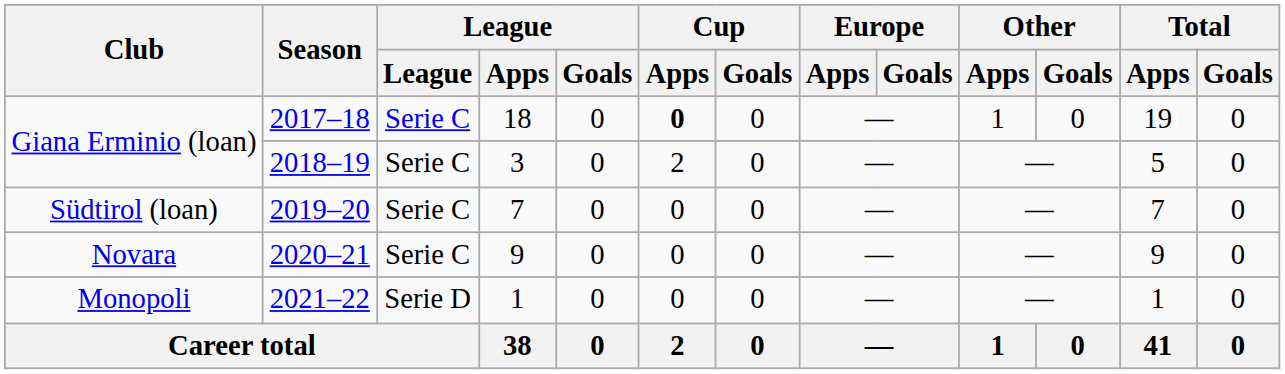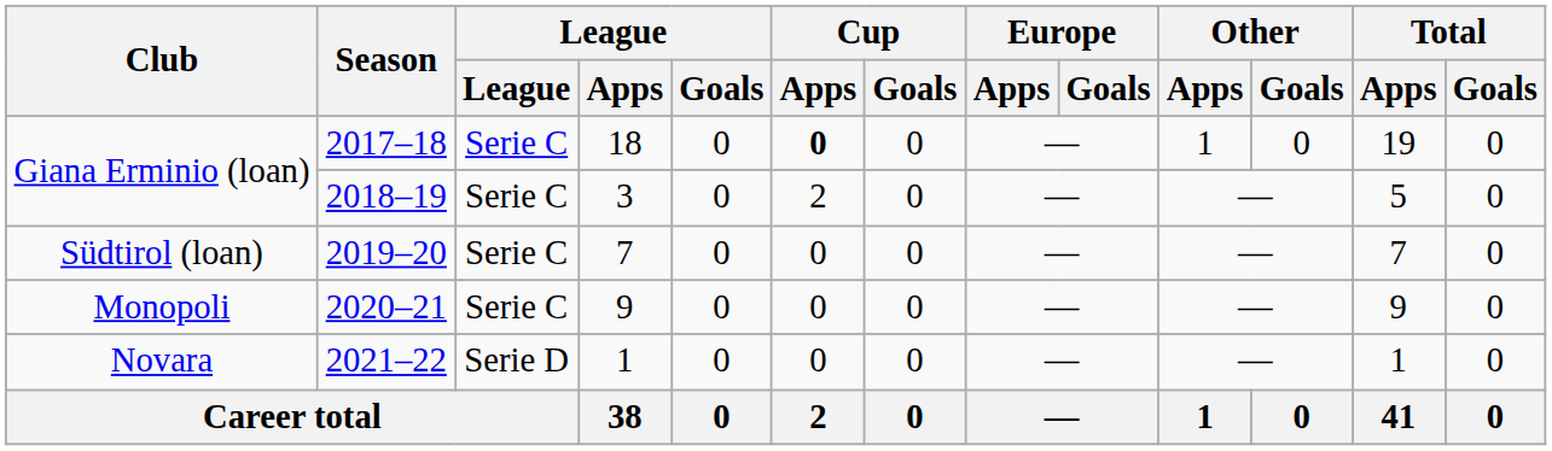 <table class="wikitable" style="text-align: center;">
 <tr>
 <th rowspan="2">Club</th>
 <th rowspan="2">Season</th>
 <th colspan="3">League</th>
 <th colspan="2">Cup</th>
 <th colspan="2">Europe</th>
 <th colspan="2">Other</th>
 <th colspan="2">Total</th>
 </tr>
 <tr>
 <th>League</th>
 <th>Apps</th>
 <th>Goals</th>
 <th>Apps</th>
 <th>Goals</th>
 <th>Apps</th>
 <th>Goals</th>
 <th>Apps</th>
 <th>Goals</th>
 <th>Apps</th>
 <th>Goals</th>
 </tr>
 <tr>
 <td rowspan="2"><a href='#'>Giana Erminio</a> (loan)</td>
 <td><a href='#'>2017–18</a></td>
 <td><a href='#'>Serie C</a></td>
 <td>18</td>
 <td>0</td>
 <td><strong>0</strong></td>
 <td>0</td>
 <td colspan="2">—</td>
 <td>1</td>
 <td>0</td>
 <td>19</td>
 <td>0</td>
 </tr>
 <tr>
 <td><a href='#'>2018–19</a></td>
 <td>Serie C</td>
 <td>3</td>
 <td>0</td>
 <td>2</td>
 <td>0</td>
 <td colspan="2">—</td>
 <td colspan="2">—</td>
 <td>5</td>
 <td>0</td>
 </tr>
 <tr>
 <td><a href='#'>Südtirol</a> (loan)</td>
 <td><a href='#'>2019–20</a></td>
 <td>Serie C</td>
 <td>7</td>
 <td>0</td>
 <td>0</td>
 <td>0</td>
 <td colspan="2">—</td>
 <td colspan="2">—</td>
 <td>7</td>
 <td>0</td>
 </tr>
 <tr>
-<td><a href='#'>Novara</a></td>
+<td><a href='#'>Monopoli</a></td>
 <td><a href='#'>2020–21</a></td>
 <td>Serie C</td>
 <td>9</td>
 <td>0</td>
 <td>0</td>
 <td>0</td>
 <td colspan="2">—</td>
 <td colspan="2">—</td>
 <td>9</td>
 <td>0</td>
 </tr>
 <tr>
-<td><a href='#'>Monopoli</a></td>
+<td><a href='#'>Novara</a></td>
 <td><a href='#'>2021–22</a></td>
 <td>Serie D</td>
 <td>1</td>
 <td>0</td>
 <td>0</td>
 <td>0</td>
 <td colspan="2">—</td>
 <td colspan="2">—</td>
 <td>1</td>
 <td>0</td>
 </tr>
 <tr>
 <th colspan="3">Career total</th>
 <th>38</th>
 <th>0</th>
 <th>2</th>
 <th>0</th>
 <th colspan="2">—</th>
 <th>1</th>
 <th>0</th>
 <th>41</th>
 <th>0</th>
 </tr>
 </table>
